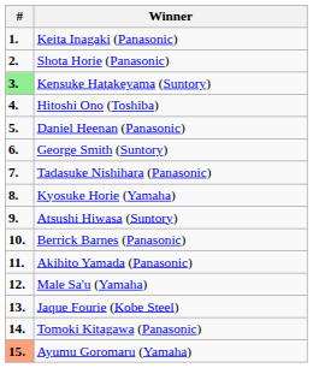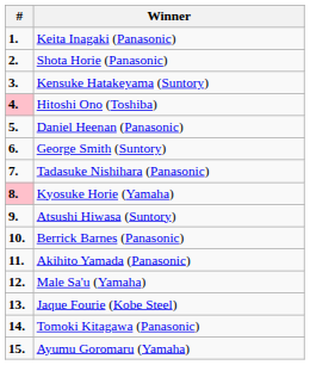 <table class="wikitable" style="font-size:95%; text-align:left;">
 <tr>
 <th style="width:25px;">#</th>
 <th style="width:300px;">Winner</th>
 </tr>
 <tr>
 <td><strong>1.</strong></td>
 <td> <a href='#'>Keita Inagaki</a> (<a href='#'>Panasonic</a>)</td>
 </tr>
 <tr>
 <td><strong>2.</strong></td>
 <td> <a href='#'>Shota Horie</a> (<a href='#'>Panasonic</a>)</td>
 </tr>
 <tr>
-<td style="background: lightgreen;"><strong>3.</strong></td>
+<td><strong>3.</strong></td>
 <td> <a href='#'>Kensuke Hatakeyama</a> (<a href='#'>Suntory</a>)</td>
 </tr>
 <tr>
-<td><strong>4.</strong></td>
+<td style="background: pink;"><strong>4.</strong></td>
 <td> <a href='#'>Hitoshi Ono</a> (<a href='#'>Toshiba</a>)</td>
 </tr>
 <tr>
 <td><strong>5.</strong></td>
 <td> <a href='#'>Daniel Heenan</a> (<a href='#'>Panasonic</a>)</td>
 </tr>
 <tr>
 <td><strong>6.</strong></td>
 <td> <a href='#'>George Smith</a> (<a href='#'>Suntory</a>)</td>
 </tr>
 <tr>
 <td><strong>7.</strong></td>
 <td> <a href='#'>Tadasuke Nishihara</a> (<a href='#'>Panasonic</a>)</td>
 </tr>
 <tr>
-<td><strong>8.</strong></td>
+<td style="background: pink;"><strong>8.</strong></td>
 <td> <a href='#'>Kyosuke Horie</a> (<a href='#'>Yamaha</a>)</td>
 </tr>
 <tr>
 <td><strong>9.</strong></td>
 <td>  <a href='#'>Atsushi Hiwasa</a> (<a href='#'>Suntory</a>)</td>
 </tr>
 <tr>
 <td><strong>10.</strong></td>
 <td> <a href='#'>Berrick Barnes</a> (<a href='#'>Panasonic</a>)</td>
 </tr>
 <tr>
 <td><strong>11.</strong></td>
 <td> <a href='#'>Akihito Yamada</a> (<a href='#'>Panasonic</a>)</td>
 </tr>
 <tr>
 <td><strong>12.</strong></td>
 <td> <a href='#'>Male Sa'u</a> (<a href='#'>Yamaha</a>)</td>
 </tr>
 <tr>
 <td><strong>13.</strong></td>
 <td> <a href='#'>Jaque Fourie</a> (<a href='#'>Kobe Steel</a>)</td>
 </tr>
 <tr>
 <td><strong>14.</strong></td>
 <td> <a href='#'>Tomoki Kitagawa</a> (<a href='#'>Panasonic</a>)</td>
 </tr>
 <tr>
-<td style="background: lightsalmon;"><strong>15.</strong></td>
+<td><strong>15.</strong></td>
 <td> <a href='#'>Ayumu Goromaru</a> (<a href='#'>Yamaha</a>)</td>
 </tr>
 </table>
